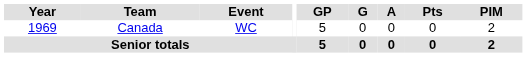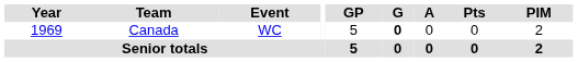 <table border="0" cellpadding="1" cellspacing="0" ID="Table3" style="text-align:center; width:40em;">
 <tr bgcolor="#e0e0e0">
 <th>Year</th>
 <th>Team</th>
 <th>Event</th>
 <th rowspan="102" bgcolor="#ffffff"></th>
 <th>GP</th>
 <th>G</th>
 <th>A</th>
 <th>Pts</th>
 <th>PIM</th>
 </tr>
 <tr>
 <td><a href='#'>1969</a></td>
 <td><a href='#'>Canada</a></td>
 <td><a href='#'>WC</a></td>
 <td>5</td>
-<td>0</td>
+<td><strong>0</strong></td>
 <td>0</td>
 <td>0</td>
 <td>2</td>
 </tr>
 <tr bgcolor="#e0e0e0">
 <th colspan="4">Senior totals</th>
 <th>5</th>
 <th>0</th>
 <th>0</th>
 <th>0</th>
 <th>2</th>
 </tr>
 </table>
